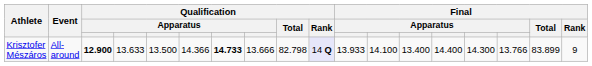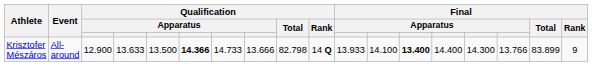 <table class="wikitable" style="font-size:90%">
 <tr>
 <th rowspan=3>Athlete</th>
 <th rowspan=3>Event</th>
 <th colspan =8>Qualification</th>
 <th colspan =8>Final</th>
 </tr>
 <tr style="font-size:95%">
 <th colspan=6>Apparatus</th>
 <th rowspan=2>Total</th>
 <th rowspan=2>Rank</th>
 <th colspan=6>Apparatus</th>
 <th rowspan=2>Total</th>
 <th rowspan=2>Rank</th>
 </tr>
 <tr style="font-size:95%">
 <th></th>
 <th></th>
 <th></th>
 <th></th>
 <th></th>
 <th></th>
 <th></th>
 <th></th>
 <th></th>
 <th></th>
 <th></th>
 <th></th>
 </tr>
 <tr align=center>
 <td align=left><a href='#'>Krisztofer Mészáros</a></td>
 <td align=left><a href='#'>All-around</a></td>
-<td><strong>12.900</strong></td>
+<td>12.900</td>
 <td>13.633</td>
 <td>13.500</td>
-<td>14.366</td>
-<td><strong>14.733</strong></td>
+<td><strong>14.366</strong></td>
+<td>14.733</td>
 <td>13.666</td>
 <td>82.798</td>
-<td style="background: lavender;">14 <strong>Q</strong></td>
+<td>14 <strong>Q</strong></td>
 <td>13.933</td>
 <td>14.100</td>
-<td>13.400</td>
+<td><strong>13.400</strong></td>
 <td>14.400</td>
 <td>14.300</td>
 <td>13.766</td>
 <td>83.899</td>
 <td>9</td>
 </tr>
 </table>
